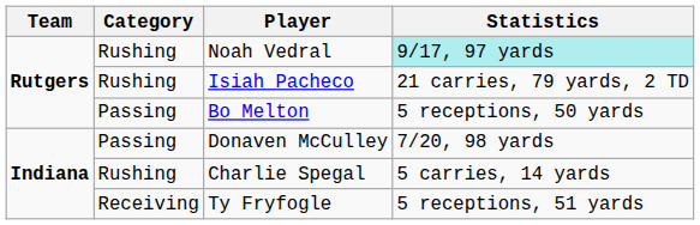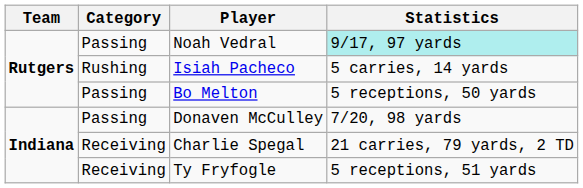 <table class="wikitable" style="float: right;">
 <tr>
 <th>Team</th>
 <th>Category</th>
 <th>Player</th>
 <th>Statistics</th>
 </tr>
 <tr>
 <td rowspan=3><strong>Rutgers</strong></td>
-<td>Rushing</td>
+<td>Passing</td>
 <td>Noah Vedral</td>
 <td style="background: paleturquoise;">9/17, 97 yards</td>
 </tr>
 <tr>
 <td>Rushing</td>
 <td><a href='#'>Isiah Pacheco</a></td>
-<td>21 carries, 79 yards, 2 TD</td>
+<td>5 carries, 14 yards</td>
 </tr>
 <tr>
 <td>Passing</td>
 <td><a href='#'>Bo Melton</a></td>
 <td>5 receptions, 50 yards</td>
 </tr>
 <tr>
 <td rowspan=3><strong>Indiana</strong></td>
 <td>Passing</td>
 <td>Donaven McCulley</td>
 <td>7/20, 98 yards</td>
 </tr>
 <tr>
-<td>Rushing</td>
+<td>Receiving</td>
 <td>Charlie Spegal</td>
-<td>5 carries, 14 yards</td>
+<td>21 carries, 79 yards, 2 TD</td>
 </tr>
 <tr>
 <td>Receiving</td>
 <td>Ty Fryfogle</td>
 <td>5 receptions, 51 yards</td>
 </tr>
 </table>
